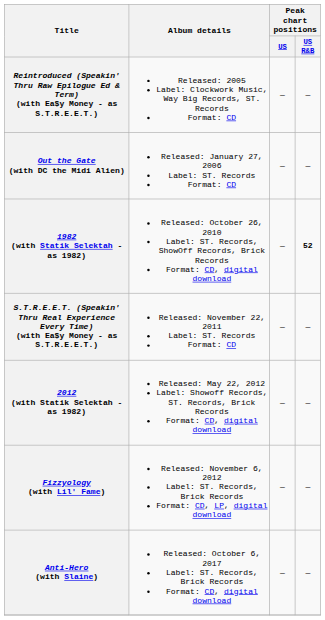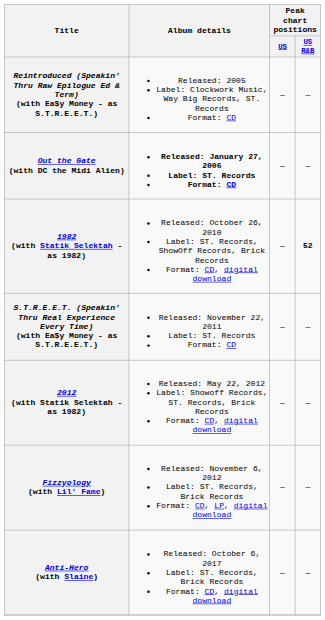 <table class="wikitable plainrowheaders" style="text-align:center;">
 <tr>
 <th scope="col" rowspan="2" style="width:15em;">Title</th>
 <th scope="col" rowspan="2" style="width:17em;">Album details</th>
 <th scope="col" colspan="5">Peak chart positions</th>
 </tr>
 <tr>
 <th scope="col" style="width:3em;font-size:90%;"><a href='#'>US</a><br></th>
 <th scope="col" style="width:3em;font-size:90%;"><a href='#'>US<br>R&B</a><br></th>
 </tr>
 <tr>
 <th scope="row"><em>Reintroduced (Speakin' Thru Raw Epilogue Ed & Term)</em><br><span>(with Ea$y Money - as S.T.R.E.E.T.)</span></th>
 <td><br><ul><li>Released: 2005</li><li>Label: Clockwork Music, Way Big Records, ST. Records</li><li>Format: <a href='#'>CD</a></li></ul></td>
 <td>—</td>
 <td>—</td>
 </tr>
 <tr>
 <th scope="row"><em><a href='#'>Out the Gate</a></em><br><span>(with DC the Midi Alien)</span></th>
-<td><br><ul><li>Released: January 27, 2006</li><li>Label: ST. Records</li><li>Format: <a href='#'>CD</a></li></ul></td>
+<td><strong><br><ul><li>Released: January 27, 2006</li><li>Label: ST. Records</li><li>Format: <a href='#'>CD</a></li></ul></strong></td>
 <td>—</td>
 <td>—</td>
 </tr>
 <tr>
 <th scope="row"><em><a href='#'>1982</a></em><br><span>(with <a href='#'>Statik Selektah</a> - as 1982)</span></th>
 <td><br><ul><li>Released: October 26, 2010</li><li>Label: ST. Records, ShowOff Records, Brick Records</li><li>Format: <a href='#'>CD</a>, <a href='#'>digital download</a></li></ul></td>
 <td>—</td>
 <td><strong>52</strong></td>
 </tr>
 <tr>
 <th scope="row"><em>S.T.R.E.E.T. (Speakin' Thru Real Experience Every Time)</em><br><span>(with Ea$y Money - as S.T.R.E.E.T.)</span></th>
 <td><br><ul><li>Released: November 22, 2011</li><li>Label: ST. Records</li><li>Format: <a href='#'>CD</a></li></ul></td>
 <td>—</td>
 <td>—</td>
 </tr>
 <tr>
 <th scope="row"><em><a href='#'>2012</a></em><br><span>(with Statik Selektah - as 1982)</span></th>
 <td><br><ul><li>Released: May 22, 2012</li><li>Label: Showoff Records, ST. Records, Brick Records</li><li>Format: <a href='#'>CD</a>, <a href='#'>digital download</a></li></ul></td>
 <td>—</td>
 <td>—</td>
 </tr>
 <tr>
 <th scope="row"><em><a href='#'>Fizzyology</a></em><br><span>(with <a href='#'>Lil' Fame</a>)</span></th>
 <td><br><ul><li>Released: November 6, 2012</li><li>Label: ST. Records, Brick Records</li><li>Format: <a href='#'>CD</a>, <a href='#'>LP</a>, <a href='#'>digital download</a></li></ul></td>
 <td>—</td>
 <td>—</td>
 </tr>
 <tr>
 <th scope="row"><em><a href='#'>Anti-Hero</a></em><br><span>(with <a href='#'>Slaine</a>)</span></th>
 <td><br><ul><li>Released: October 6, 2017</li><li>Label: ST. Records, Brick Records</li><li>Format: <a href='#'>CD</a>, <a href='#'>digital download</a></li></ul></td>
 <td>—</td>
 <td>—</td>
 </tr>
 <tr>
 </tr>
 </table>
